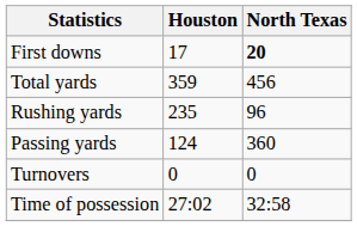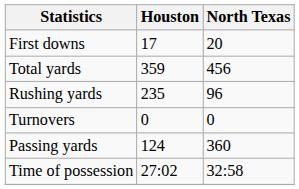 <table class="wikitable" style="float: right;">
 <tr>
 <th>Statistics</th>
 <th>Houston</th>
 <th>North Texas</th>
 </tr>
 <tr>
 <td>First downs</td>
 <td>17</td>
-<td><strong>20</strong></td>
+<td>20</td>
 </tr>
 <tr>
 <td>Total yards</td>
 <td>359</td>
 <td>456</td>
 </tr>
 <tr>
 <td>Rushing yards</td>
 <td>235</td>
 <td>96</td>
 </tr>
 <tr>
+<td>Turnovers</td>
+<td>0</td>
+<td>0</td>
+</tr>
+<tr>
 <td>Passing yards</td>
 <td>124</td>
 <td>360</td>
-</tr>
-<tr>
-<td>Turnovers</td>
-<td>0</td>
-<td>0</td>
 </tr>
 <tr>
 <td>Time of possession</td>
 <td>27:02</td>
 <td>32:58</td>
 </tr>
 <tr>
 </tr>
 </table>
